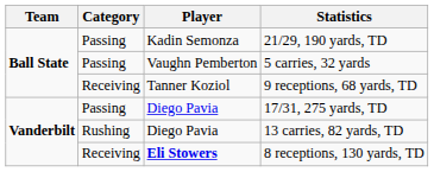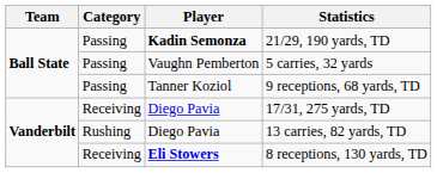 <table class="wikitable" style="float: right;">
 <tr>
 <th>Team</th>
 <th>Category</th>
 <th>Player</th>
 <th>Statistics</th>
 </tr>
 <tr>
 <td rowspan=3><strong>Ball State</strong></td>
 <td>Passing</td>
-<td>Kadin Semonza</td>
+<td><strong>Kadin Semonza</strong></td>
 <td>21/29, 190 yards, TD</td>
 </tr>
 <tr>
 <td>Passing</td>
 <td>Vaughn Pemberton</td>
 <td>5 carries, 32 yards</td>
 </tr>
 <tr>
-<td>Receiving</td>
+<td>Passing</td>
 <td>Tanner Koziol</td>
 <td>9 receptions, 68 yards, TD</td>
 </tr>
 <tr>
 <td rowspan=3><strong>Vanderbilt</strong></td>
-<td>Passing</td>
+<td>Receiving</td>
 <td><a href='#'>Diego Pavia</a></td>
 <td>17/31, 275 yards, TD</td>
 </tr>
 <tr>
 <td>Rushing</td>
 <td>Diego Pavia</td>
 <td>13 carries, 82 yards, TD</td>
 </tr>
 <tr>
 <td>Receiving</td>
 <td><strong><a href='#'>Eli Stowers</a></strong></td>
 <td>8 receptions, 130 yards, TD</td>
 </tr>
 </table>
